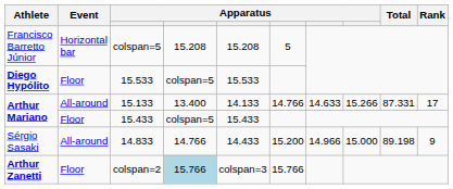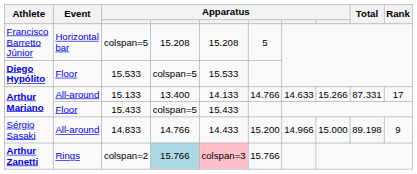 <table class="wikitable" style="font-size:90%">
 <tr>
 <th rowspan=2>Athlete</th>
 <th rowspan=2>Event</th>
 <th colspan =6>Apparatus</th>
 <th rowspan=2>Total</th>
 <th rowspan=2>Rank</th>
 </tr>
 <tr style="font-size:95%">
 <th></th>
 <th></th>
 <th></th>
 <th></th>
 <th></th>
 <th></th>
 </tr>
 <tr align=center>
 <td align=left><a href='#'>Francisco Barretto Júnior</a></td>
 <td align=left><a href='#'>Horizontal bar</a></td>
 <td>colspan=5 </td>
 <td>15.208</td>
 <td>15.208</td>
 <td>5</td>
 </tr>
 <tr align=center>
 <td align=left><strong><a href='#'>Diego Hypólito</a></strong></td>
 <td align=left><a href='#'>Floor</a></td>
 <td>15.533</td>
 <td>colspan=5 </td>
 <td>15.533</td>
 <td></td>
 </tr>
 <tr align=center>
 <td align=left rowspan=2><strong><a href='#'>Arthur Mariano</a></strong></td>
 <td align=left><a href='#'>All-around</a></td>
 <td>15.133</td>
 <td>13.400</td>
 <td>14.133</td>
 <td>14.766</td>
 <td>14.633</td>
 <td>15.266</td>
 <td>87.331</td>
 <td>17</td>
 </tr>
 <tr align=center>
 <td align=left><a href='#'>Floor</a></td>
 <td>15.433</td>
 <td>colspan=5 </td>
 <td>15.433</td>
 <td></td>
 </tr>
 <tr align=center>
 <td align=left><a href='#'>Sérgio Sasaki</a></td>
 <td align=left><a href='#'>All-around</a></td>
 <td>14.833</td>
 <td>14.766</td>
 <td>14.433</td>
 <td>15.200</td>
 <td>14.966</td>
 <td>15.000</td>
 <td>89.198</td>
 <td>9</td>
 </tr>
 <tr align=center>
 <td align=left><strong><a href='#'>Arthur Zanetti</a></strong></td>
-<td align=left><a href='#'>Floor</a></td>
+<td align=left><a href='#'>Rings</a></td>
 <td>colspan=2 </td>
 <td style="background: lightblue;">15.766</td>
-<td>colspan=3 </td>
+<td style="background: pink;">colspan=3 </td>
 <td>15.766</td>
 <td></td>
 </tr>
 </table>
